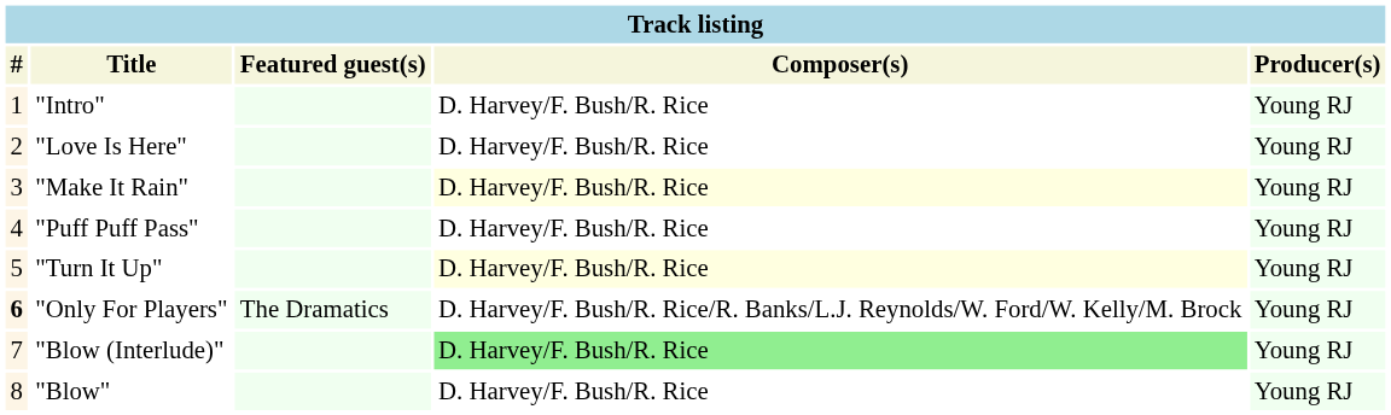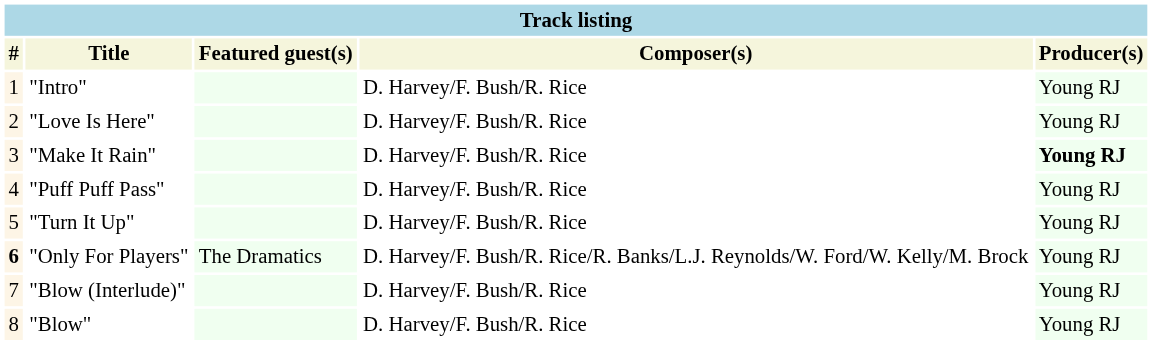 <table cellpadding="3">
 <tr>
 <td align="center" bgcolor="lightblue" colspan="6"><span><strong>Track listing</strong></span></td>
 </tr>
 <tr>
 <th align="all" bgcolor="beige"><strong>#</strong></th>
 <th align="all" bgcolor="beige"><strong>Title</strong></th>
 <th align="all" bgcolor="beige"><strong>Featured guest(s)</strong></th>
 <th align="all" bgcolor="beige"><strong>Composer(s)</strong></th>
 <th align="all" bgcolor="beige"><strong>Producer(s)</strong></th>
 </tr>
 <tr>
 <td bgcolor="oldlace">1</td>
 <td>"Intro"</td>
 <td bgcolor="honeydew"></td>
 <td>D. Harvey/F. Bush/R. Rice</td>
 <td bgcolor="honeydew">Young RJ</td>
 </tr>
 <tr>
 <td bgcolor="oldlace">2</td>
 <td>"Love Is Here"</td>
 <td bgcolor="honeydew"></td>
 <td>D. Harvey/F. Bush/R. Rice</td>
 <td bgcolor="honeydew">Young RJ</td>
 </tr>
 <tr>
 <td bgcolor="oldlace">3</td>
 <td>"Make It Rain"</td>
 <td bgcolor="honeydew"></td>
-<td style="background: lightyellow;">D. Harvey/F. Bush/R. Rice</td>
-<td bgcolor="honeydew">Young RJ</td>
+<td>D. Harvey/F. Bush/R. Rice</td>
+<td bgcolor="honeydew"><strong>Young RJ</strong></td>
 </tr>
 <tr>
 <td bgcolor="oldlace">4</td>
 <td>"Puff Puff Pass"</td>
 <td bgcolor="honeydew"></td>
 <td>D. Harvey/F. Bush/R. Rice</td>
 <td bgcolor="honeydew">Young RJ</td>
 </tr>
 <tr>
 <td bgcolor="oldlace">5</td>
 <td>"Turn It Up"</td>
 <td bgcolor="honeydew"></td>
-<td style="background: lightyellow;">D. Harvey/F. Bush/R. Rice</td>
+<td>D. Harvey/F. Bush/R. Rice</td>
 <td bgcolor="honeydew">Young RJ</td>
 </tr>
 <tr>
 <td bgcolor="oldlace"><strong>6</strong></td>
 <td>"Only For Players"</td>
 <td bgcolor="honeydew">The Dramatics</td>
 <td>D. Harvey/F. Bush/R. Rice/R. Banks/L.J. Reynolds/W. Ford/W. Kelly/M. Brock</td>
 <td bgcolor="honeydew">Young RJ</td>
 </tr>
 <tr>
 <td bgcolor="oldlace">7</td>
 <td>"Blow (Interlude)"</td>
 <td bgcolor="honeydew"></td>
-<td style="background: lightgreen;">D. Harvey/F. Bush/R. Rice</td>
+<td>D. Harvey/F. Bush/R. Rice</td>
 <td bgcolor="honeydew">Young RJ</td>
 </tr>
 <tr>
 <td bgcolor="oldlace">8</td>
 <td>"Blow"</td>
 <td bgcolor="honeydew"></td>
 <td>D. Harvey/F. Bush/R. Rice</td>
 <td bgcolor="honeydew">Young RJ</td>
 </tr>
 <tr>
 </tr>
 </table>
